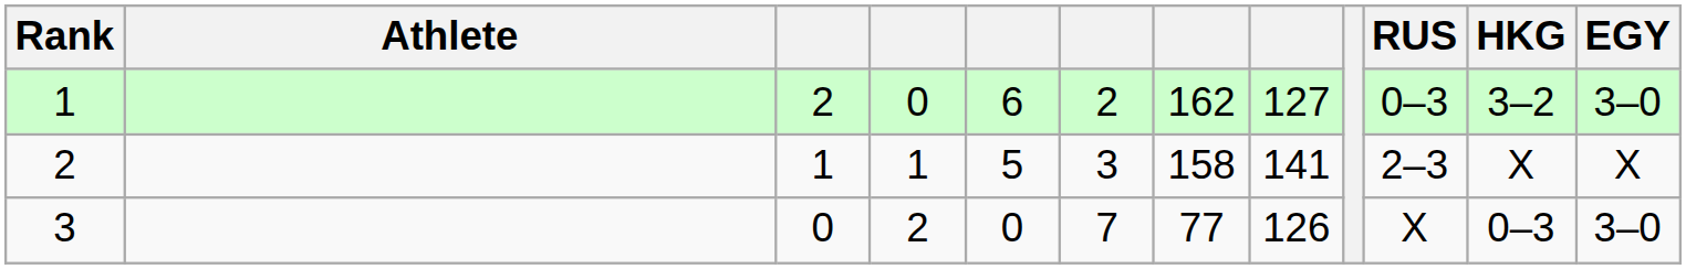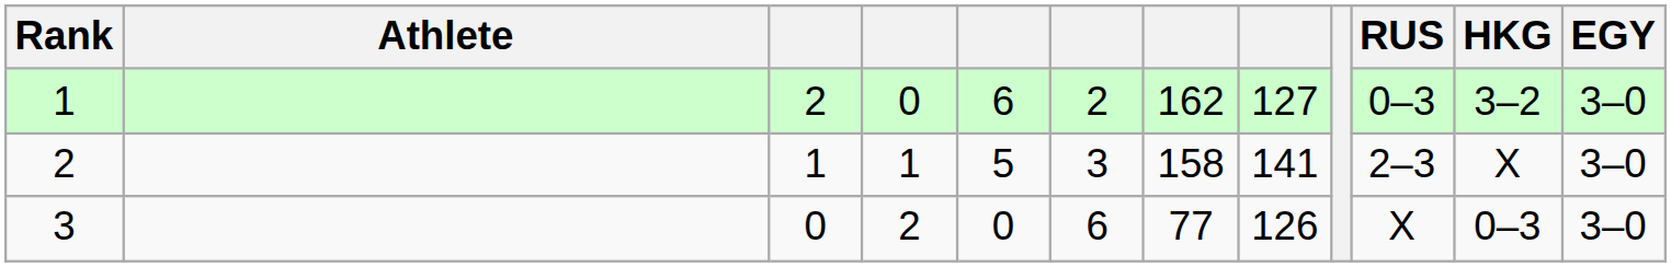 <table class="wikitable" style="text-align:center">
 <tr>
 <th>Rank</th>
 <th width=250>Athlete</th>
 <th width=30></th>
 <th width=30></th>
 <th width=30></th>
 <th width=30></th>
 <th width=30></th>
 <th width=30></th>
 <th rowspan=4></th>
 <th width=30>RUS</th>
 <th width=30>HKG</th>
 <th width=30>EGY</th>
 </tr>
 <tr style="background-color:#ccffcc;">
 <td>1</td>
 <td align=left></td>
 <td>2</td>
 <td>0</td>
 <td>6</td>
 <td>2</td>
 <td>162</td>
 <td>127</td>
 <td>0–3</td>
 <td>3–2</td>
 <td>3–0</td>
 </tr>
 <tr>
 <td>2</td>
 <td align=left></td>
 <td>1</td>
 <td>1</td>
 <td>5</td>
 <td>3</td>
 <td>158</td>
 <td>141</td>
 <td>2–3</td>
 <td>X</td>
-<td>X</td>
+<td>3–0</td>
 </tr>
 <tr>
 <td>3</td>
 <td align=left></td>
 <td>0</td>
 <td>2</td>
 <td>0</td>
-<td>7</td>
+<td>6</td>
 <td>77</td>
 <td>126</td>
 <td>X</td>
 <td>0–3</td>
 <td>3–0</td>
 </tr>
 </table>
